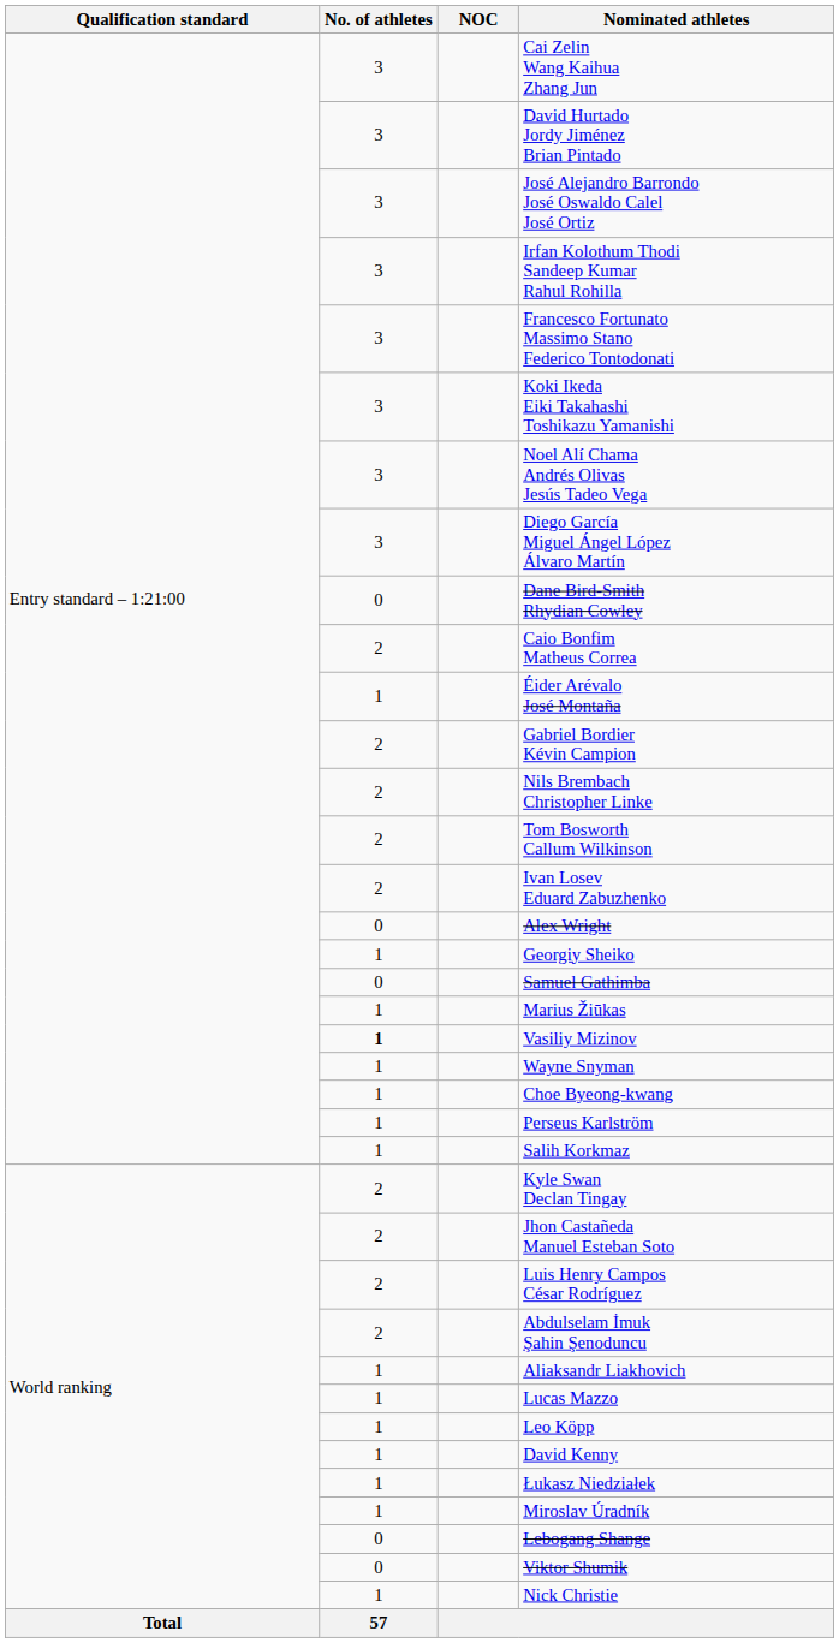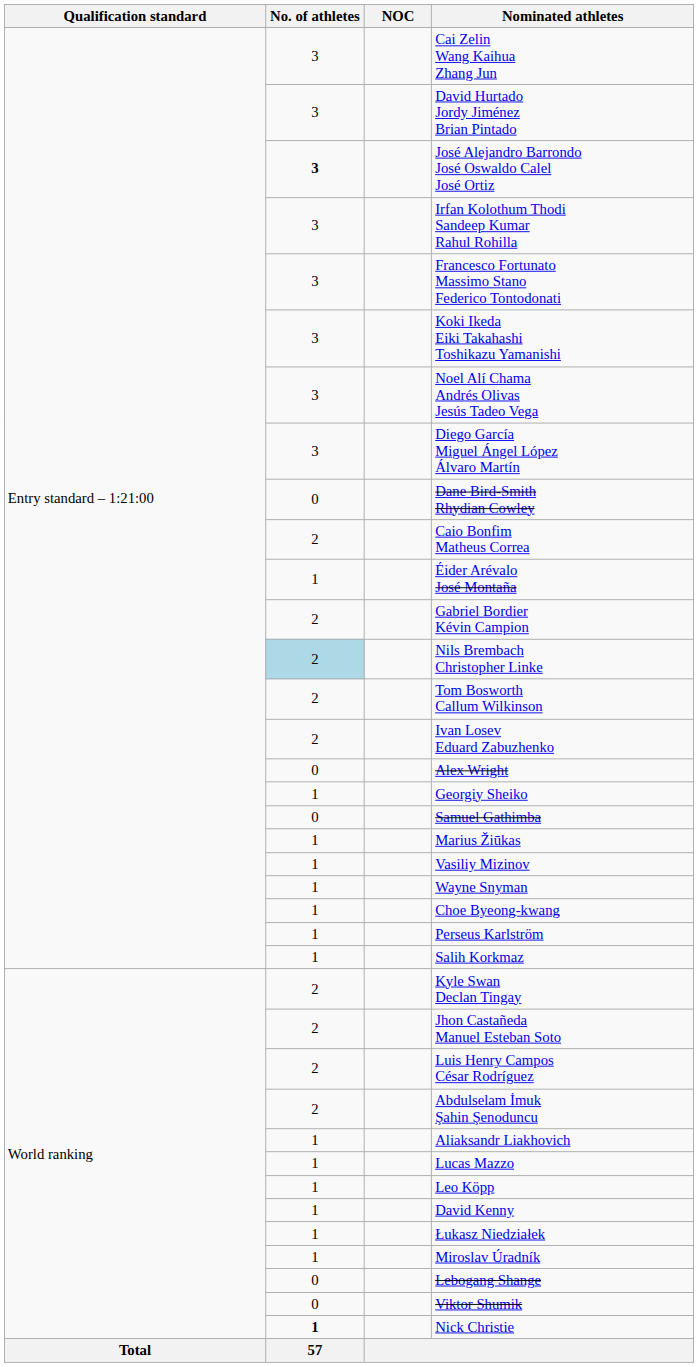 <table class="wikitable" style="text-align:left; width:750px;">
 <tr>
 <th>Qualification standard</th>
 <th width=100>No. of athletes</th>
 <th>NOC</th>
 <th>Nominated athletes</th>
 </tr>
 <tr>
 <td rowspan=24>Entry standard – 1:21:00</td>
 <td align=center>3</td>
 <td></td>
 <td><a href='#'>Cai Zelin</a><br><a href='#'>Wang Kaihua</a><br><a href='#'>Zhang Jun</a></td>
 </tr>
 <tr>
 <td align=center>3</td>
 <td></td>
 <td><a href='#'>David Hurtado</a><br><a href='#'>Jordy Jiménez</a><br><a href='#'>Brian Pintado</a></td>
 </tr>
 <tr>
-<td align=center>3</td>
+<td align=center><strong>3</strong></td>
 <td></td>
 <td><a href='#'>José Alejandro Barrondo</a><br><a href='#'>José Oswaldo Calel</a><br><a href='#'>José Ortiz</a></td>
 </tr>
 <tr>
 <td align=center>3</td>
 <td></td>
 <td><a href='#'>Irfan Kolothum Thodi</a><br><a href='#'>Sandeep Kumar</a><br><a href='#'>Rahul Rohilla</a></td>
 </tr>
 <tr>
 <td align=center>3</td>
 <td></td>
 <td><a href='#'>Francesco Fortunato</a><br><a href='#'>Massimo Stano</a><br><a href='#'>Federico Tontodonati</a></td>
 </tr>
 <tr>
 <td align=center>3</td>
 <td></td>
 <td><a href='#'>Koki Ikeda</a><br><a href='#'>Eiki Takahashi</a><br><a href='#'>Toshikazu Yamanishi</a></td>
 </tr>
 <tr>
 <td align=center>3</td>
 <td></td>
 <td><a href='#'>Noel Alí Chama</a><br><a href='#'>Andrés Olivas</a><br><a href='#'>Jesús Tadeo Vega</a></td>
 </tr>
 <tr>
 <td align=center>3</td>
 <td></td>
 <td><a href='#'>Diego García</a><br><a href='#'>Miguel Ángel López</a><br><a href='#'>Álvaro Martín</a></td>
 </tr>
 <tr>
 <td align=center>0</td>
 <td></td>
 <td><s><a href='#'>Dane Bird-Smith</a><br><a href='#'>Rhydian Cowley</a></s></td>
 </tr>
 <tr>
 <td align=center>2</td>
 <td></td>
 <td><a href='#'>Caio Bonfim</a><br><a href='#'>Matheus Correa</a></td>
 </tr>
 <tr>
 <td align=center>1</td>
 <td></td>
 <td><a href='#'>Éider Arévalo</a><br><s><a href='#'>José Montaña</a></s></td>
 </tr>
 <tr>
 <td align=center>2</td>
 <td></td>
 <td><a href='#'>Gabriel Bordier</a><br><a href='#'>Kévin Campion</a></td>
 </tr>
 <tr>
-<td align=center>2</td>
+<td align=center style="background: lightblue;">2</td>
 <td></td>
 <td><a href='#'>Nils Brembach</a><br><a href='#'>Christopher Linke</a></td>
 </tr>
 <tr>
 <td align=center>2</td>
 <td></td>
 <td><a href='#'>Tom Bosworth</a><br><a href='#'>Callum Wilkinson</a></td>
 </tr>
 <tr>
 <td align=center>2</td>
 <td></td>
 <td><a href='#'>Ivan Losev</a><br><a href='#'>Eduard Zabuzhenko</a></td>
 </tr>
 <tr>
 <td align=center>0</td>
 <td></td>
 <td><s><a href='#'>Alex Wright</a></s></td>
 </tr>
 <tr>
 <td align=center>1</td>
 <td></td>
 <td><a href='#'>Georgiy Sheiko</a></td>
 </tr>
 <tr>
 <td align=center>0</td>
 <td></td>
 <td><s><a href='#'>Samuel Gathimba</a></s></td>
 </tr>
 <tr>
 <td align=center>1</td>
 <td></td>
 <td><a href='#'>Marius Žiūkas</a></td>
 </tr>
 <tr>
-<td align=center><strong>1</strong></td>
+<td align=center>1</td>
 <td></td>
 <td><a href='#'>Vasiliy Mizinov</a></td>
 </tr>
 <tr>
 <td align=center>1</td>
 <td></td>
 <td><a href='#'>Wayne Snyman</a></td>
 </tr>
 <tr>
 <td align=center>1</td>
 <td></td>
 <td><a href='#'>Choe Byeong-kwang</a></td>
 </tr>
 <tr>
 <td align=center>1</td>
 <td></td>
 <td><a href='#'>Perseus Karlström</a></td>
 </tr>
 <tr>
 <td align=center>1</td>
 <td></td>
 <td><a href='#'>Salih Korkmaz</a></td>
 </tr>
 <tr>
 <td rowspan=13>World ranking</td>
 <td align=center>2</td>
 <td></td>
 <td><a href='#'>Kyle Swan</a><br><a href='#'>Declan Tingay</a></td>
 </tr>
 <tr>
 <td align=center>2</td>
 <td></td>
 <td><a href='#'>Jhon Castañeda</a><br><a href='#'>Manuel Esteban Soto</a></td>
 </tr>
 <tr>
 <td align=center>2</td>
 <td></td>
 <td><a href='#'>Luis Henry Campos</a><br><a href='#'>César Rodríguez</a></td>
 </tr>
 <tr>
 <td align=center>2</td>
 <td></td>
 <td><a href='#'>Abdulselam İmuk</a><br><a href='#'>Şahin Şenoduncu</a></td>
 </tr>
 <tr>
 <td align=center>1</td>
 <td></td>
 <td><a href='#'>Aliaksandr Liakhovich</a></td>
 </tr>
 <tr>
 <td align=center>1</td>
 <td></td>
 <td><a href='#'>Lucas Mazzo</a></td>
 </tr>
 <tr>
 <td align=center>1</td>
 <td></td>
 <td><a href='#'>Leo Köpp</a></td>
 </tr>
 <tr>
 <td align=center>1</td>
 <td></td>
 <td><a href='#'>David Kenny</a></td>
 </tr>
 <tr>
 <td align=center>1</td>
 <td></td>
 <td><a href='#'>Łukasz Niedziałek</a></td>
 </tr>
 <tr>
 <td align=center>1</td>
 <td></td>
 <td><a href='#'>Miroslav Úradník</a></td>
 </tr>
 <tr>
 <td align=center>0</td>
 <td></td>
 <td><s><a href='#'>Lebogang Shange</a></s></td>
 </tr>
 <tr>
 <td align=center>0</td>
 <td></td>
 <td><s><a href='#'>Viktor Shumik</a></s></td>
 </tr>
 <tr>
-<td align=center>1</td>
+<td align=center><strong>1</strong></td>
 <td></td>
 <td><a href='#'>Nick Christie</a></td>
 </tr>
 <tr>
 <th>Total</th>
 <th>57</th>
 <th colspan=2></th>
 </tr>
 </table>
